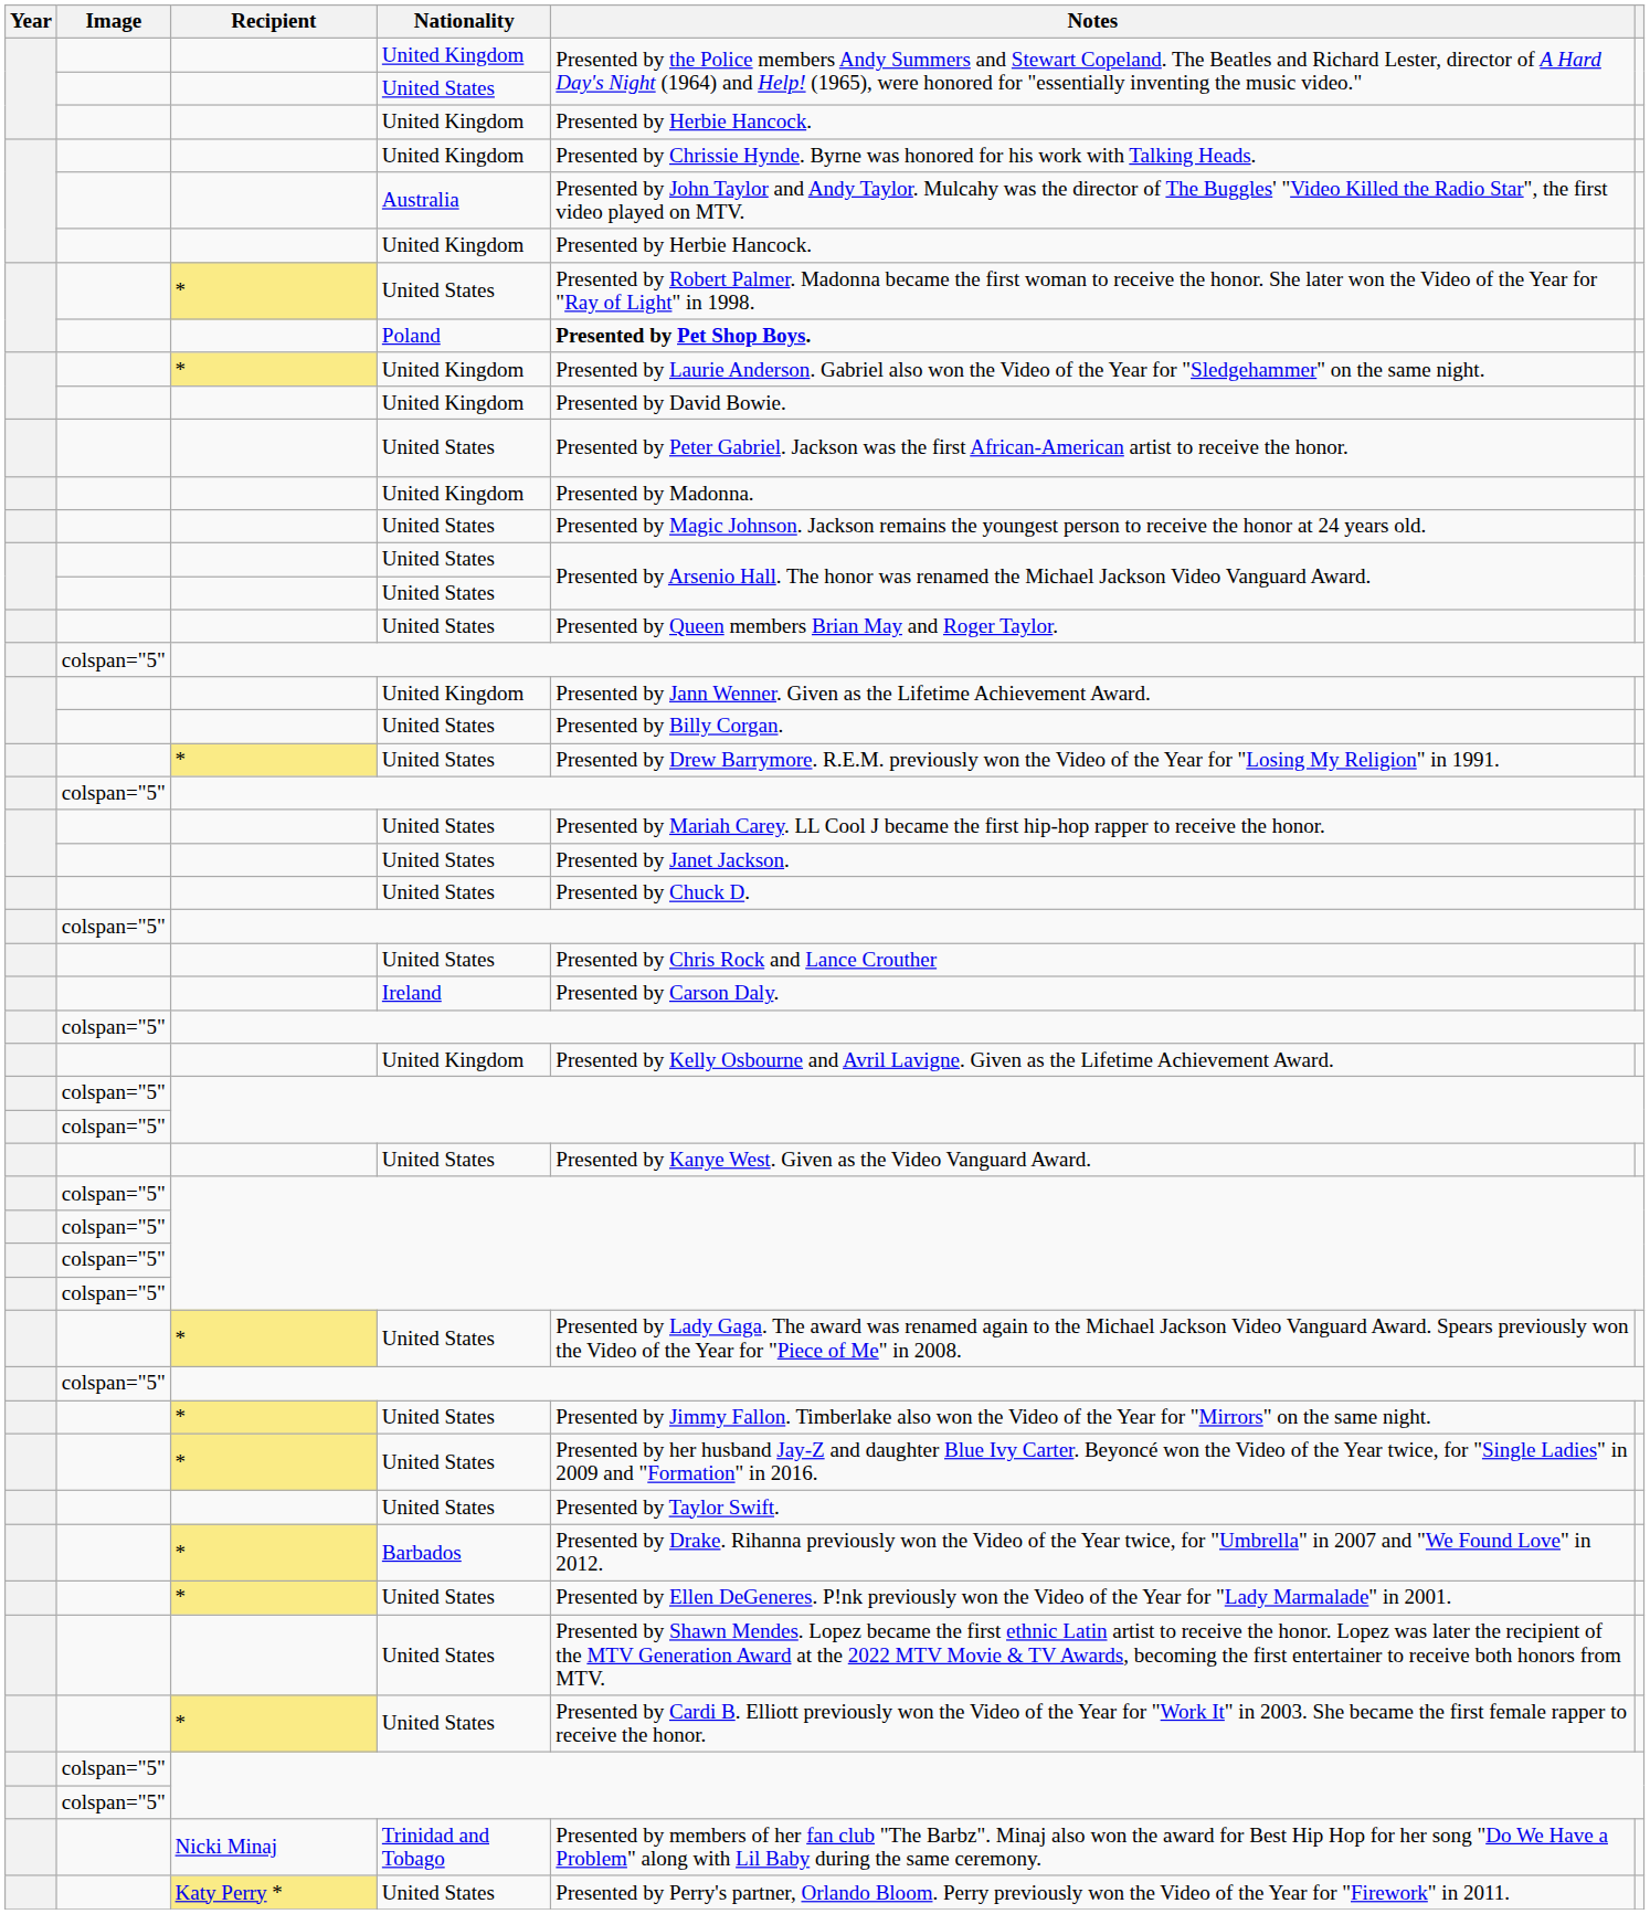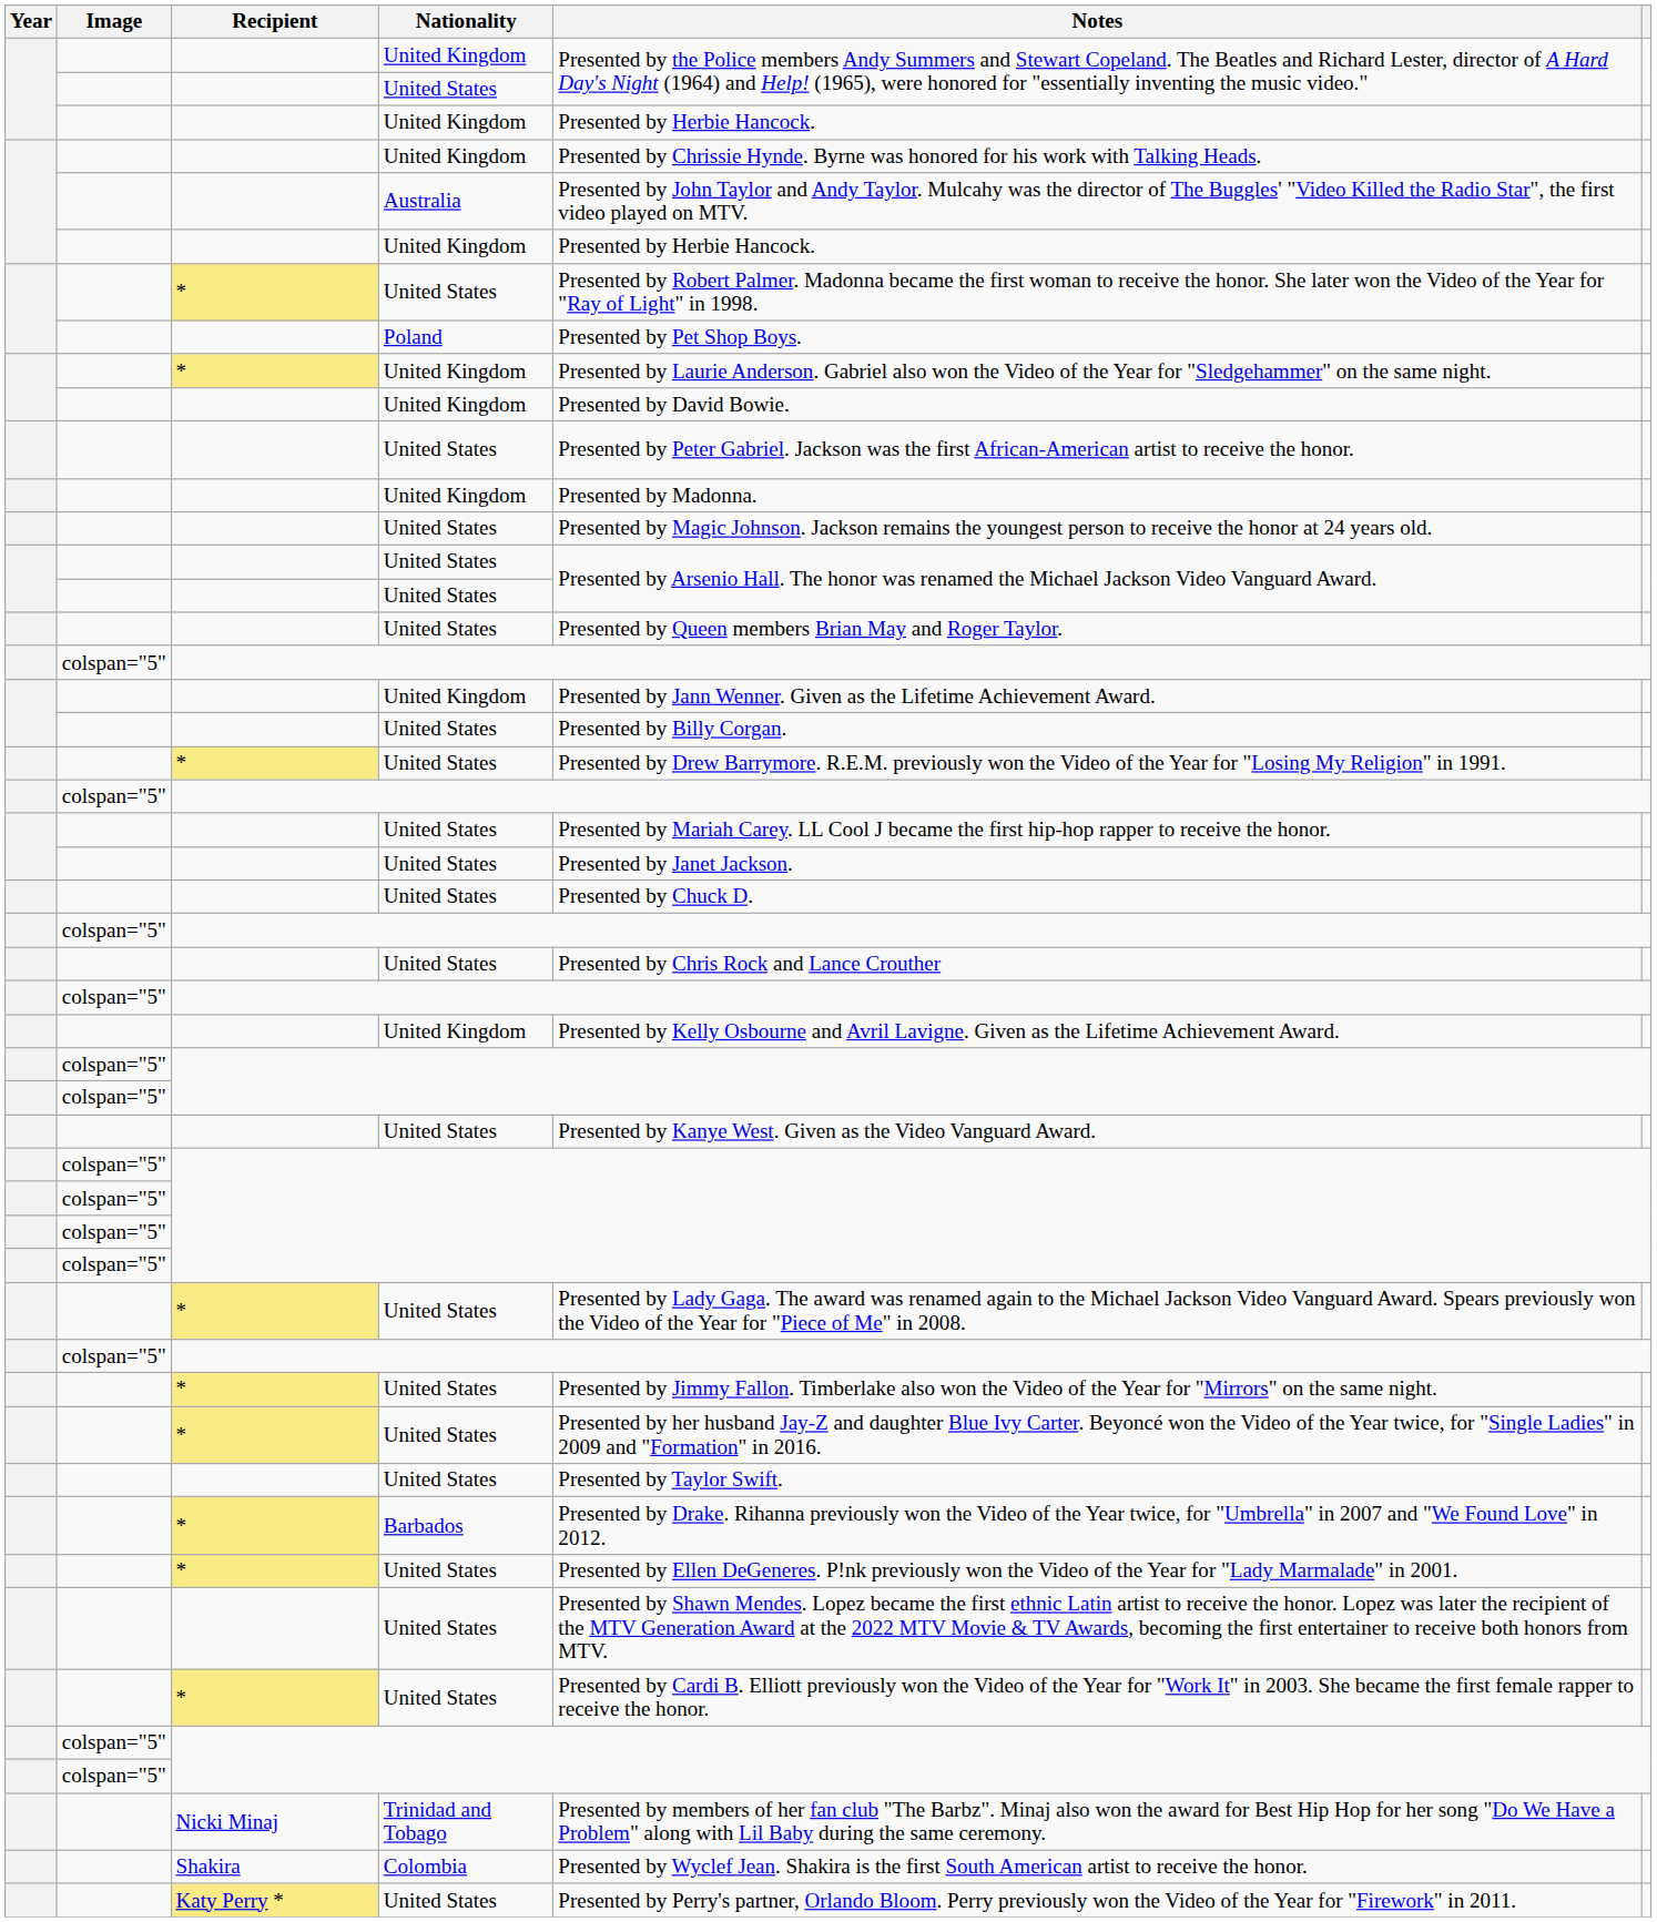 <table class="wikitable sortable">
 <tr>
 <th scope="col">Year</th>
 <th scope="col" class="unsortable">Image</th>
 <th scope="col" style="width:150px;">Recipient</th>
 <th scope="col" style="width:125px;">Nationality</th>
 <th scope="col" class="unsortable">Notes</th>
 <th scope="col" class="unsortable"></th>
 </tr>
 <tr>
 <th rowspan="3" scope="row"></th>
 <td></td>
 <td></td>
 <td><a href='#'>United Kingdom</a></td>
 <td rowspan="2">Presented by <a href='#'>the Police</a> members <a href='#'>Andy Summers</a> and <a href='#'>Stewart Copeland</a>. The Beatles and Richard Lester, director of <em><a href='#'>A Hard Day's Night</a></em> (1964) and <em><a href='#'>Help!</a></em> (1965), were honored for "essentially inventing the music video."</td>
 <td align="center" rowspan="2"><br></td>
 </tr>
 <tr>
 <td></td>
 <td></td>
 <td><a href='#'>United States</a></td>
 </tr>
 <tr>
 <td></td>
 <td></td>
 <td>United Kingdom</td>
 <td>Presented by <a href='#'>Herbie Hancock</a>.</td>
 <td align="center"></td>
 </tr>
 <tr>
 <th rowspan="3" scope="row"></th>
 <td></td>
 <td></td>
 <td>United Kingdom</td>
 <td>Presented by <a href='#'>Chrissie Hynde</a>. Byrne was honored for his work with <a href='#'>Talking Heads</a>.</td>
 <td align="center"></td>
 </tr>
 <tr>
 <td></td>
 <td></td>
 <td><a href='#'>Australia</a></td>
 <td>Presented by <a href='#'>John Taylor</a> and <a href='#'>Andy Taylor</a>. Mulcahy was the director of <a href='#'>The Buggles</a>' "<a href='#'>Video Killed the Radio Star</a>", the first video played on MTV.</td>
 <td align="center"></td>
 </tr>
 <tr>
 <td></td>
 <td></td>
 <td>United Kingdom</td>
 <td>Presented by Herbie Hancock.</td>
 <td align="center"></td>
 </tr>
 <tr>
 <th rowspan="2" scope="row"></th>
 <td></td>
 <td style="background-color:#FAEB86"> *</td>
 <td>United States</td>
 <td>Presented by <a href='#'>Robert Palmer</a>. Madonna became the first woman to receive the honor. She later won the Video of the Year for "<a href='#'>Ray of Light</a>" in 1998.</td>
 <td align="center"><br><br></td>
 </tr>
 <tr>
 <td></td>
 <td></td>
 <td><a href='#'>Poland</a></td>
-<td><strong>Presented by <a href='#'>Pet Shop Boys</a>.</strong></td>
+<td>Presented by <a href='#'>Pet Shop Boys</a>.</td>
 <td align="center"></td>
 </tr>
 <tr>
 <th rowspan="2" scope="row"></th>
 <td></td>
 <td style="background-color:#FAEB86"> *</td>
 <td>United Kingdom</td>
 <td>Presented by <a href='#'>Laurie Anderson</a>. Gabriel also won the Video of the Year for "<a href='#'>Sledgehammer</a>" on the same night.</td>
 <td align="center"><br></td>
 </tr>
 <tr>
 <td></td>
 <td></td>
 <td>United Kingdom</td>
 <td>Presented by David Bowie.</td>
 <td align="center"></td>
 </tr>
 <tr>
 <th scope="row"></th>
 <td></td>
 <td></td>
 <td>United States</td>
 <td>Presented by <a href='#'>Peter Gabriel</a>. Jackson was the first <a href='#'>African-American</a> artist to receive the honor.</td>
 <td align="center"><br><br></td>
 </tr>
 <tr>
 <th scope="row"></th>
 <td></td>
 <td></td>
 <td>United Kingdom</td>
 <td>Presented by Madonna.</td>
 <td align="center"></td>
 </tr>
 <tr>
 <th scope="row"></th>
 <td></td>
 <td></td>
 <td>United States</td>
 <td>Presented by <a href='#'>Magic Johnson</a>. Jackson remains the youngest person to receive the honor at 24 years old.</td>
 <td align="center"><br></td>
 </tr>
 <tr>
 <th rowspan="2" scope="row"></th>
 <td></td>
 <td></td>
 <td>United States</td>
 <td rowspan="2">Presented by <a href='#'>Arsenio Hall</a>. The honor was renamed the Michael Jackson Video Vanguard Award.</td>
 <td align="center" rowspan="2"><br></td>
 </tr>
 <tr>
 <td></td>
 <td></td>
 <td>United States</td>
 </tr>
 <tr>
 <th scope="row"></th>
 <td></td>
 <td></td>
 <td>United States</td>
 <td>Presented by <a href='#'>Queen</a> members <a href='#'>Brian May</a> and <a href='#'>Roger Taylor</a>.</td>
 <td align="center"></td>
 </tr>
 <tr>
 <th scope="row"></th>
 <td>colspan="5" </td>
 </tr>
 <tr>
 <th rowspan="2" scope="row"></th>
 <td></td>
 <td></td>
 <td>United Kingdom</td>
 <td>Presented by <a href='#'>Jann Wenner</a>. Given as the Lifetime Achievement Award.</td>
 <td align="center"></td>
 </tr>
 <tr>
 <td></td>
 <td></td>
 <td>United States</td>
 <td>Presented by <a href='#'>Billy Corgan</a>.</td>
 <td align="center"></td>
 </tr>
 <tr>
 <th scope="row"></th>
 <td></td>
 <td style="background-color:#FAEB86"> *</td>
 <td>United States</td>
 <td>Presented by <a href='#'>Drew Barrymore</a>. R.E.M. previously won the Video of the Year for "<a href='#'>Losing My Religion</a>" in 1991.</td>
 <td align="center"></td>
 </tr>
 <tr>
 <th scope="row"></th>
 <td>colspan="5" </td>
 </tr>
 <tr>
 <th rowspan="2" scope="row"></th>
 <td></td>
 <td></td>
 <td>United States</td>
 <td>Presented by <a href='#'>Mariah Carey</a>. LL Cool J became the first hip-hop rapper to receive the honor.</td>
 <td align="center"><br></td>
 </tr>
 <tr>
 <td></td>
 <td></td>
 <td>United States</td>
 <td>Presented by <a href='#'>Janet Jackson</a>.</td>
 <td align="center"></td>
 </tr>
 <tr>
 <th scope="row"></th>
 <td></td>
 <td></td>
 <td>United States</td>
 <td>Presented by <a href='#'>Chuck D</a>.</td>
 <td align="center"></td>
 </tr>
 <tr>
 <th scope="row"></th>
 <td>colspan="5" </td>
 </tr>
 <tr>
 <th scope="row"></th>
 <td></td>
 <td></td>
 <td>United States</td>
 <td>Presented by <a href='#'>Chris Rock</a> and <a href='#'>Lance Crouther</a></td>
-<td align="center"></td>
-</tr>
-<tr>
-<th scope="row"></th>
-<td></td>
-<td></td>
-<td><a href='#'>Ireland</a></td>
-<td>Presented by <a href='#'>Carson Daly</a>.</td>
 <td align="center"></td>
 </tr>
 <tr>
 <th scope="row"></th>
 <td>colspan="5" </td>
 </tr>
 <tr>
 <th scope="row"></th>
 <td></td>
 <td></td>
 <td>United Kingdom</td>
 <td>Presented by <a href='#'>Kelly Osbourne</a> and <a href='#'>Avril Lavigne</a>. Given as the Lifetime Achievement Award.</td>
 <td align="center"></td>
 </tr>
 <tr>
 <th scope="row"></th>
 <td>colspan="5" </td>
 </tr>
 <tr>
 <th scope="row"></th>
 <td>colspan="5" </td>
 </tr>
 <tr>
 <th scope="row"></th>
 <td></td>
 <td></td>
 <td>United States</td>
 <td>Presented by <a href='#'>Kanye West</a>. Given as the Video Vanguard Award.</td>
 <td align="center"></td>
 </tr>
 <tr>
 <th scope="row"></th>
 <td>colspan="5" </td>
 </tr>
 <tr>
 <th scope="row"></th>
 <td>colspan="5" </td>
 </tr>
 <tr>
 <th scope="row"></th>
 <td>colspan="5" </td>
 </tr>
 <tr>
 <th scope="row"></th>
 <td>colspan="5" </td>
 </tr>
 <tr>
 <th scope="row"></th>
 <td></td>
 <td style="background-color:#FAEB86"> *</td>
 <td>United States</td>
 <td>Presented by <a href='#'>Lady Gaga</a>. The award was renamed again to the Michael Jackson Video Vanguard Award. Spears previously won the Video of the Year for "<a href='#'>Piece of Me</a>" in 2008.</td>
 <td align="center"><br></td>
 </tr>
 <tr>
 <th scope="row"></th>
 <td>colspan="5" </td>
 </tr>
 <tr>
 <th scope="row"></th>
 <td></td>
 <td style="background-color:#FAEB86"> *</td>
 <td>United States</td>
 <td>Presented by <a href='#'>Jimmy Fallon</a>. Timberlake also won the Video of the Year for "<a href='#'>Mirrors</a>" on the same night.</td>
 <td align="center"></td>
 </tr>
 <tr>
 <th scope="row"></th>
 <td></td>
 <td style="background-color:#FAEB86"> *</td>
 <td>United States</td>
 <td>Presented by her husband <a href='#'>Jay-Z</a> and daughter <a href='#'>Blue Ivy Carter</a>. Beyoncé won the Video of the Year twice, for "<a href='#'>Single Ladies</a>" in 2009 and "<a href='#'>Formation</a>" in 2016.</td>
 <td align="center"><br></td>
 </tr>
 <tr>
 <th scope="row"></th>
 <td></td>
 <td></td>
 <td>United States</td>
 <td>Presented by <a href='#'>Taylor Swift</a>.</td>
 <td align="center"></td>
 </tr>
 <tr>
 <th scope="row"></th>
 <td></td>
 <td style="background-color:#FAEB86"> *</td>
 <td><a href='#'>Barbados</a></td>
 <td>Presented by <a href='#'>Drake</a>. Rihanna previously won the Video of the Year twice, for "<a href='#'>Umbrella</a>" in 2007 and "<a href='#'>We Found Love</a>" in 2012.</td>
 <td align="center"><br></td>
 </tr>
 <tr>
 <th scope="row"></th>
 <td></td>
 <td style="background-color:#FAEB86"> *</td>
 <td>United States</td>
 <td>Presented by <a href='#'>Ellen DeGeneres</a>. P!nk previously won the Video of the Year for "<a href='#'>Lady Marmalade</a>" in 2001.</td>
 <td align="center"><br></td>
 </tr>
 <tr>
 <th scope="row"></th>
 <td></td>
 <td></td>
 <td>United States</td>
 <td>Presented by <a href='#'>Shawn Mendes</a>. Lopez became the first <a href='#'>ethnic Latin</a> artist to receive the honor. Lopez was later the recipient of the <a href='#'>MTV Generation Award</a> at the <a href='#'>2022 MTV Movie & TV Awards</a>, becoming the first entertainer to receive both honors from MTV.</td>
 <td align="center"></td>
 </tr>
 <tr>
 <th scope="row"></th>
 <td></td>
 <td style="background-color:#FAEB86"> *</td>
 <td>United States</td>
 <td>Presented by <a href='#'>Cardi B</a>. Elliott previously won the Video of the Year for "<a href='#'>Work It</a>" in 2003. She became the first female rapper to receive the honor.</td>
 <td align="center"><br></td>
 </tr>
 <tr>
 <th scope="row"></th>
 <td>colspan="5" </td>
 </tr>
 <tr>
 <th scope="row"></th>
 <td>colspan="5" </td>
 </tr>
 <tr>
 <th scope="row"></th>
 <td></td>
 <td><a href='#'>Nicki Minaj</a></td>
 <td><a href='#'>Trinidad and Tobago</a></td>
 <td>Presented by members of her <a href='#'>fan club</a> "The Barbz". Minaj also won the award for Best Hip Hop for her song "<a href='#'>Do We Have a Problem</a>" along with <a href='#'>Lil Baby</a> during the same ceremony.</td>
 <td align="center"><br><br></td>
 </tr>
 <tr>
 <th scope="row"></th>
 <td></td>
+<td><a href='#'>Shakira</a></td>
+<td><a href='#'>Colombia</a></td>
+<td>Presented by <a href='#'>Wyclef Jean</a>. Shakira is the first <a href='#'>South American</a> artist to receive the honor.</td>
+<td align="center"></td>
+</tr>
+<tr>
+<th scope="row"></th>
+<td></td>
 <td style="background-color:#FAEB86"><a href='#'>Katy Perry</a> *</td>
 <td>United States</td>
 <td>Presented by Perry's partner, <a href='#'>Orlando Bloom</a>. Perry previously won the Video of the Year for "<a href='#'>Firework</a>" in 2011.</td>
 <td align="center"></td>
 </tr>
 </table>
